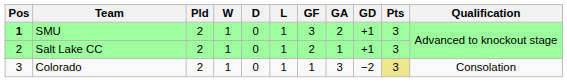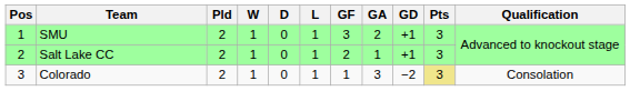 <table class="wikitable" style="text-align:center; margin: 1em auto">
 <tr>
 <th style="width:2em">Pos</th>
 <th style="width:13em">Team</th>
 <th style="width:2em">Pld</th>
 <th style="width:2em">W</th>
 <th style="width:2em">D</th>
 <th style="width:2em">L</th>
 <th style="width:2em">GF</th>
 <th style="width:2em">GA</th>
 <th style="width:2em">GD</th>
 <th style="width:2em">Pts</th>
 <th style="width:13em">Qualification</th>
 </tr>
 <tr bgcolor="#9eff9e">
-<td><strong>1</strong></td>
+<td>1</td>
 <td style="text-align:left">SMU</td>
 <td>2</td>
 <td>1</td>
 <td>0</td>
 <td>1</td>
 <td>3</td>
 <td>2</td>
 <td>+1</td>
 <td>3</td>
 <td rowspan="2">Advanced to knockout stage</td>
 </tr>
 <tr bgcolor="#9eff9e">
 <td>2</td>
 <td style="text-align:left">Salt Lake CC</td>
 <td>2</td>
 <td>1</td>
 <td>0</td>
 <td>1</td>
 <td>2</td>
 <td>1</td>
 <td>+1</td>
 <td>3</td>
 </tr>
 <tr>
 <td>3</td>
 <td style="text-align:left">Colorado</td>
 <td>2</td>
 <td>1</td>
 <td>0</td>
 <td>1</td>
 <td>1</td>
 <td>3</td>
 <td>−2</td>
 <td style="background: khaki;">3</td>
 <td>Consolation</td>
 </tr>
 </table>
